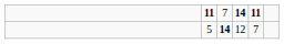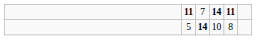 <table class="wikitable">
 <tr>
 <td style="width:18em"><strong></strong></td>
 <td align=center style="width:1em"><strong>11</strong></td>
 <td align=center style="width:1em">7</td>
 <td align=center style="width:1em"><strong>14</strong></td>
 <td align=center style="width:1em"><strong>11</strong></td>
 <td align=center style="width:1em"></td>
 </tr>
 <tr>
 <td style="width:18em"></td>
 <td align=center style="width:1em">5</td>
 <td align=center style="width:1em"><strong>14</strong></td>
-<td align=center style="width:1em">12</td>
-<td align=center style="width:1em">7</td>
+<td align=center style="width:1em">10</td>
+<td align=center style="width:1em">8</td>
 <td align=center style="width:1em"></td>
 </tr>
 </table>
